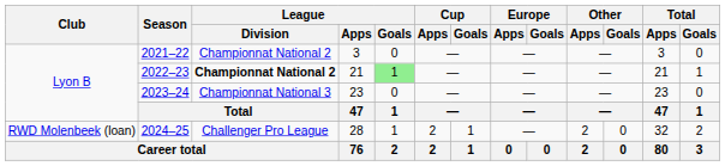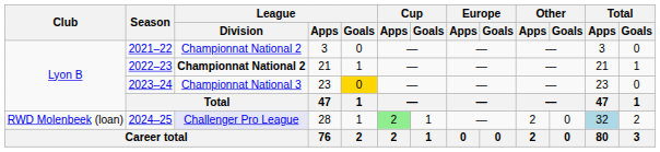 <table class="wikitable" Style="text-align: center">
 <tr>
 <th rowspan="2">Club</th>
 <th rowspan="2">Season</th>
 <th colspan="3">League</th>
 <th colspan="2">Cup</th>
 <th colspan="2">Europe</th>
 <th colspan="2">Other</th>
 <th colspan="2">Total</th>
 </tr>
 <tr>
 <th>Division</th>
 <th>Apps</th>
 <th>Goals</th>
 <th>Apps</th>
 <th>Goals</th>
 <th>Apps</th>
 <th>Goals</th>
 <th>Apps</th>
 <th>Goals</th>
 <th>Apps</th>
 <th>Goals</th>
 </tr>
 <tr>
 <td rowspan="4"><a href='#'>Lyon B</a></td>
 <td><a href='#'>2021–22</a></td>
 <td><a href='#'>Championnat National 2</a></td>
 <td>3</td>
 <td>0</td>
 <td colspan="2">—</td>
 <td colspan="2">—</td>
 <td colspan="2">—</td>
 <td>3</td>
 <td>0</td>
 </tr>
 <tr>
 <td><a href='#'>2022–23</a></td>
 <td><strong>Championnat National 2</strong></td>
 <td>21</td>
-<td style="background: lightgreen;">1</td>
+<td>1</td>
 <td colspan="2">—</td>
 <td colspan="2">—</td>
 <td colspan="2">—</td>
 <td>21</td>
 <td>1</td>
 </tr>
 <tr>
 <td><a href='#'>2023–24</a></td>
 <td><a href='#'>Championnat National 3</a></td>
 <td>23</td>
-<td>0</td>
+<td style="background: gold;">0</td>
 <td colspan="2">—</td>
 <td colspan="2">—</td>
 <td colspan="2">—</td>
 <td>23</td>
 <td>0</td>
 </tr>
 <tr>
 <th colspan="2">Total</th>
 <th>47</th>
 <th>1</th>
 <th colspan="2">—</th>
 <th colspan="2">—</th>
 <th colspan="2">—</th>
 <th>47</th>
 <th>1</th>
 </tr>
 <tr>
 <td><a href='#'>RWD Molenbeek</a> (loan)</td>
 <td><a href='#'>2024–25</a></td>
-<td><a href='#'>Challenger Pro League</a></td>
+<td style="background: lavender;"><a href='#'>Challenger Pro League</a></td>
 <td>28</td>
 <td>1</td>
-<td>2</td>
+<td style="background: lightgreen;">2</td>
 <td>1</td>
 <td colspan="2">—</td>
 <td>2</td>
 <td>0</td>
-<td>32</td>
+<td style="background: lightblue;">32</td>
 <td>2</td>
 </tr>
 <tr>
 <th colspan="3">Career total</th>
 <th>76</th>
 <th>2</th>
 <th>2</th>
 <th>1</th>
 <th>0</th>
 <th>0</th>
 <th>2</th>
 <th>0</th>
 <th>80</th>
 <th>3</th>
 </tr>
 </table>
